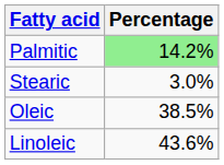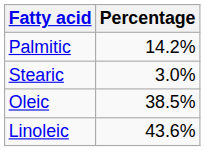 <table class=wikitable>
 <tr>
 <th><a href='#'>Fatty acid</a></th>
 <th>Percentage</th>
 </tr>
 <tr>
 <td><a href='#'>Palmitic</a></td>
-<td align="right" style="background: lightgreen;">14.2%</td>
+<td align="right">14.2%</td>
 </tr>
 <tr>
 <td><a href='#'>Stearic</a></td>
 <td align="right">3.0%</td>
 </tr>
 <tr>
 <td><a href='#'>Oleic</a></td>
 <td align="right">38.5%</td>
 </tr>
 <tr>
 <td><a href='#'>Linoleic</a></td>
 <td align="right">43.6%</td>
 </tr>
 </table>
